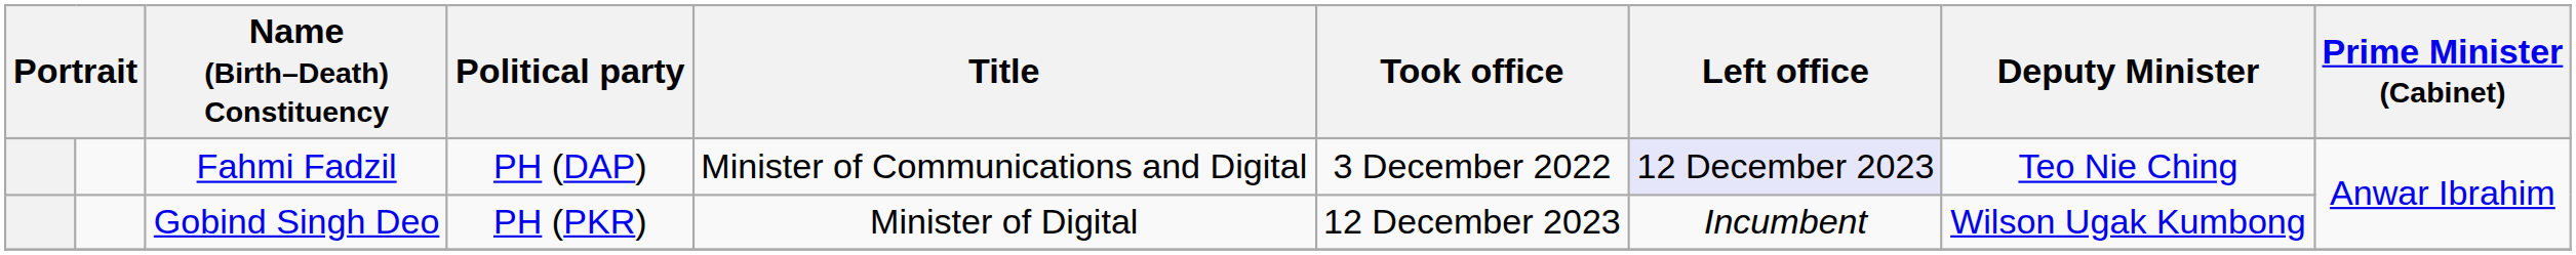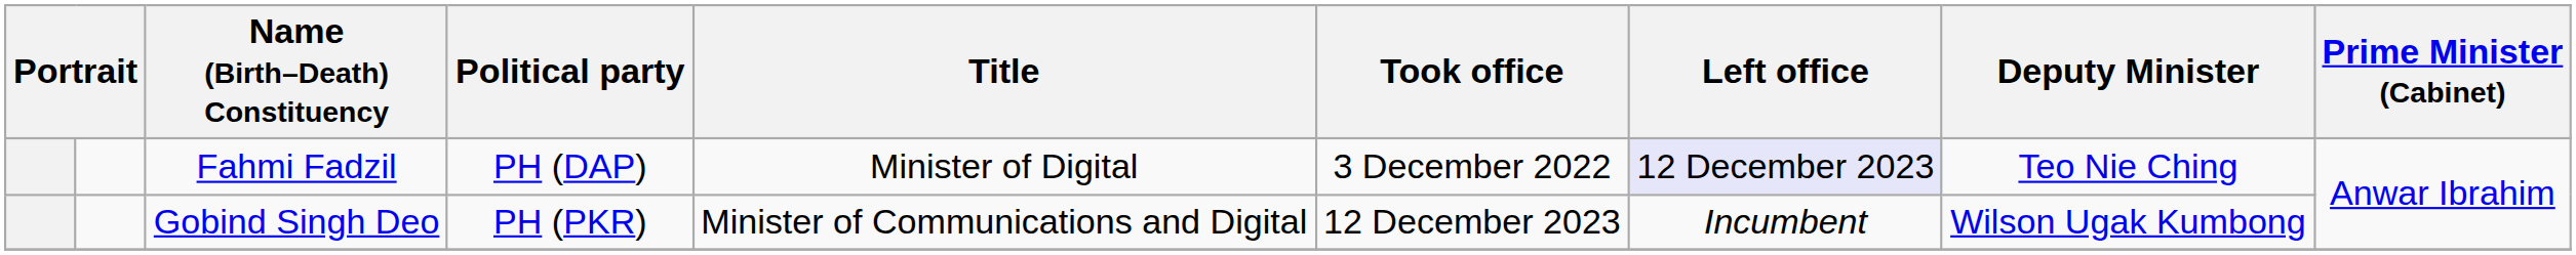 <table class="wikitable" style="text-align:center;">
 <tr>
 <th colspan=2>Portrait</th>
 <th>Name<br><small>(Birth–Death)<br>Constituency</small></th>
 <th>Political party</th>
 <th>Title</th>
 <th>Took office</th>
 <th>Left office</th>
 <th>Deputy Minister</th>
 <th><a href='#'>Prime Minister</a><br><small>(Cabinet)</small></th>
 </tr>
 <tr>
 <th style="background:"></th>
 <td></td>
 <td><a href='#'>Fahmi Fadzil</a><br></td>
 <td><a href='#'>PH</a> (<a href='#'>DAP</a>)</td>
-<td>Minister of Communications and Digital</td>
+<td>Minister of Digital</td>
 <td>3 December 2022</td>
 <td style="background: lavender;">12 December 2023</td>
 <td><a href='#'>Teo Nie Ching</a></td>
 <td rowspan="2"><a href='#'>Anwar Ibrahim</a><br></td>
 </tr>
 <tr>
 <th style="background:"></th>
 <td></td>
 <td><a href='#'>Gobind Singh Deo</a><br></td>
 <td><a href='#'>PH</a> (<a href='#'>PKR</a>)</td>
-<td>Minister of Digital</td>
+<td>Minister of Communications and Digital</td>
 <td>12 December 2023</td>
 <td><em>Incumbent</em></td>
 <td><a href='#'>Wilson Ugak Kumbong</a></td>
 </tr>
 <tr>
 </tr>
 </table>
